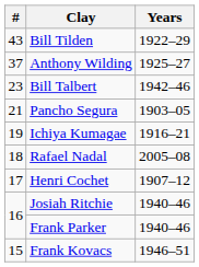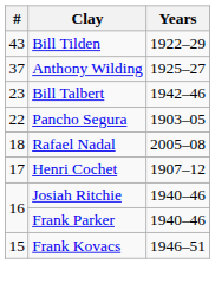 <table class=wikitable style="display:inline-table;">
 <tr>
 <th>#</th>
 <th>Clay</th>
 <th>Years</th>
 </tr>
 <tr>
 <td>43</td>
 <td> <a href='#'>Bill Tilden</a></td>
 <td>1922–29</td>
 </tr>
 <tr>
 <td>37</td>
 <td> <a href='#'>Anthony Wilding</a></td>
 <td>1925–27</td>
 </tr>
 <tr>
 <td>23</td>
 <td> <a href='#'>Bill Talbert</a></td>
 <td>1942–46</td>
 </tr>
 <tr>
-<td>21</td>
+<td>22</td>
 <td> <a href='#'>Pancho Segura</a></td>
 <td>1903–05</td>
-</tr>
-<tr>
-<td>19</td>
-<td> <a href='#'>Ichiya Kumagae</a></td>
-<td>1916–21</td>
 </tr>
 <tr>
 <td>18</td>
 <td> <a href='#'>Rafael Nadal</a></td>
 <td>2005–08</td>
 </tr>
 <tr>
 <td>17</td>
 <td> <a href='#'>Henri Cochet</a></td>
 <td>1907–12</td>
 </tr>
 <tr>
 <td rowspan="2">16</td>
 <td> <a href='#'>Josiah Ritchie</a></td>
 <td>1940–46</td>
 </tr>
 <tr>
 <td> <a href='#'>Frank Parker</a></td>
 <td>1940–46</td>
 </tr>
 <tr>
 <td>15</td>
 <td> <a href='#'>Frank Kovacs</a></td>
 <td>1946–51</td>
 </tr>
 </table>
